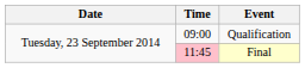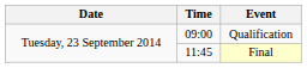 <table class = "wikitable" style="text-align:center;">
 <tr>
 <th width=220>Date</th>
 <th width=50>Time</th>
 <th width=100>Event</th>
 </tr>
 <tr>
 <td rowspan=2>Tuesday, 23 September 2014</td>
 <td>09:00</td>
 <td>Qualification</td>
 </tr>
 <tr>
-<td style="background: pink;">11:45</td>
+<td>11:45</td>
 <td bgcolor=ffffcc>Final</td>
 </tr>
 </table>
